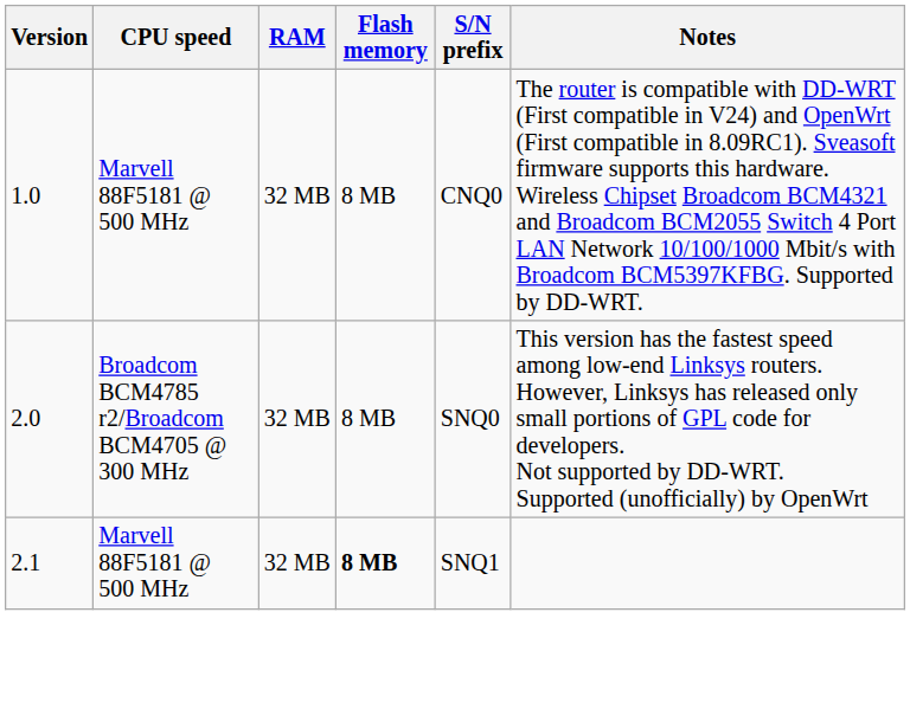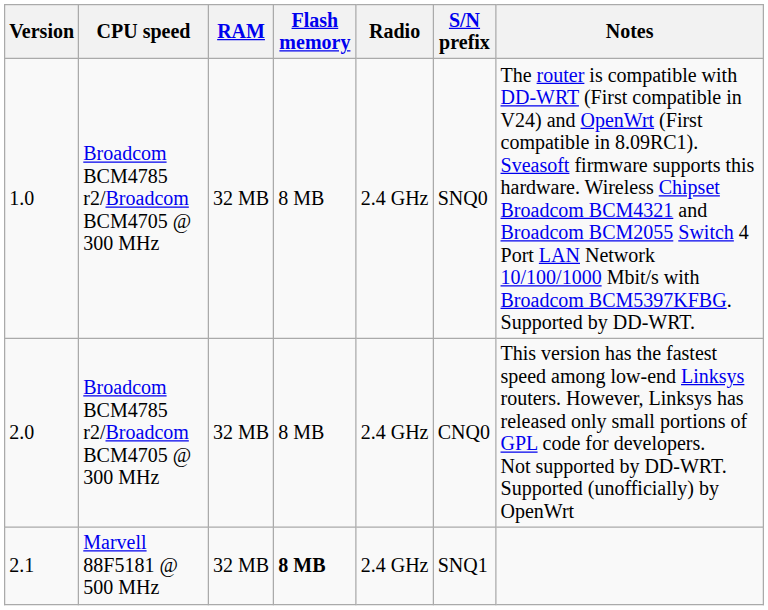 <table class="wikitable">
 <tr>
 <th>Version</th>
 <th>CPU speed</th>
 <th><a href='#'>RAM</a></th>
 <th><a href='#'>Flash memory</a></th>
+<th>Radio</th>
 <th><a href='#'>S/N</a> prefix</th>
 <th>Notes</th>
 </tr>
 <tr>
 <td>1.0</td>
-<td><a href='#'>Marvell</a> 88F5181 @ 500 MHz</td>
+<td><a href='#'>Broadcom</a> BCM4785 r2/<a href='#'>Broadcom</a> BCM4705 @ 300 MHz</td>
 <td>32 MB</td>
 <td>8 MB</td>
-<td>CNQ0</td>
+<td>2.4 GHz</td>
+<td>SNQ0</td>
 <td>The <a href='#'>router</a> is compatible with <a href='#'>DD-WRT</a> (First compatible in V24) and <a href='#'>OpenWrt</a> (First compatible in 8.09RC1). <a href='#'>Sveasoft</a> firmware supports this hardware. Wireless <a href='#'>Chipset</a> <a href='#'>Broadcom BCM4321</a> and <a href='#'>Broadcom BCM2055</a> <a href='#'>Switch</a> 4 Port <a href='#'>LAN</a> Network <a href='#'>10/100/1000</a> Mbit/s with <a href='#'>Broadcom BCM5397KFBG</a>. Supported by DD-WRT.</td>
 </tr>
 <tr>
 <td>2.0</td>
 <td><a href='#'>Broadcom</a> BCM4785 r2/<a href='#'>Broadcom</a> BCM4705 @ 300 MHz</td>
 <td>32 MB</td>
 <td>8 MB</td>
-<td>SNQ0</td>
+<td>2.4 GHz</td>
+<td>CNQ0</td>
 <td>This version has the fastest speed among low-end <a href='#'>Linksys</a> routers. However, Linksys has released only small portions of <a href='#'>GPL</a> code for developers.<br>Not supported by DD-WRT.<br> Supported (unofficially) by OpenWrt </td>
 </tr>
 <tr>
 <td>2.1</td>
 <td><a href='#'>Marvell</a> 88F5181 @ 500 MHz</td>
 <td>32 MB</td>
 <td><strong>8 MB</strong></td>
+<td>2.4 GHz</td>
 <td>SNQ1</td>
 <td></td>
 </tr>
 </table>
